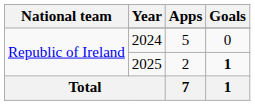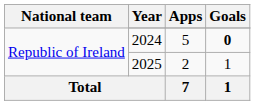 <table class=wikitable style=text-align:center>
 <tr>
 <th>National team</th>
 <th>Year</th>
 <th>Apps</th>
 <th>Goals</th>
 </tr>
 <tr>
 <td rowspan="3"><a href='#'>Republic of Ireland</a></td>
 </tr>
 <tr>
 <td>2024</td>
 <td>5</td>
-<td>0</td>
+<td><strong>0</strong></td>
 </tr>
 <tr>
 <td>2025</td>
 <td>2</td>
-<td><strong>1</strong></td>
+<td>1</td>
 </tr>
 <tr>
 <th colspan="2">Total</th>
 <th>7</th>
 <th>1</th>
 </tr>
 </table>
